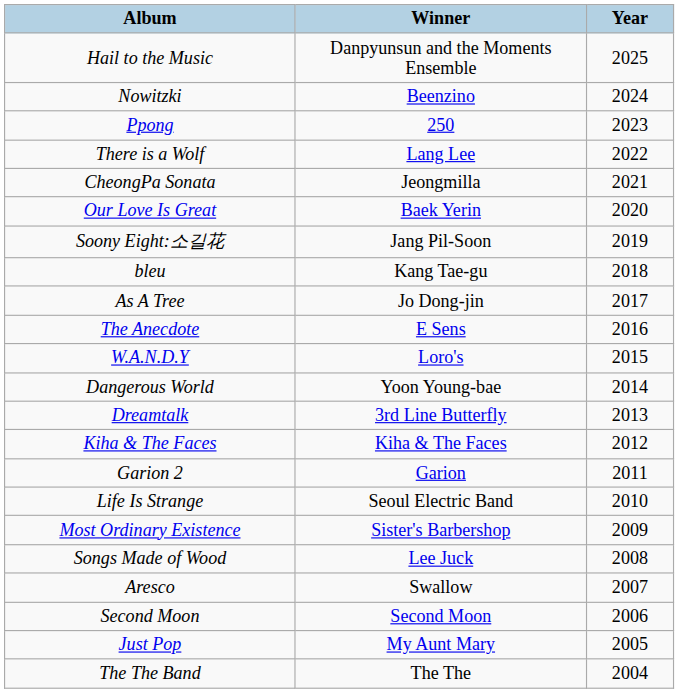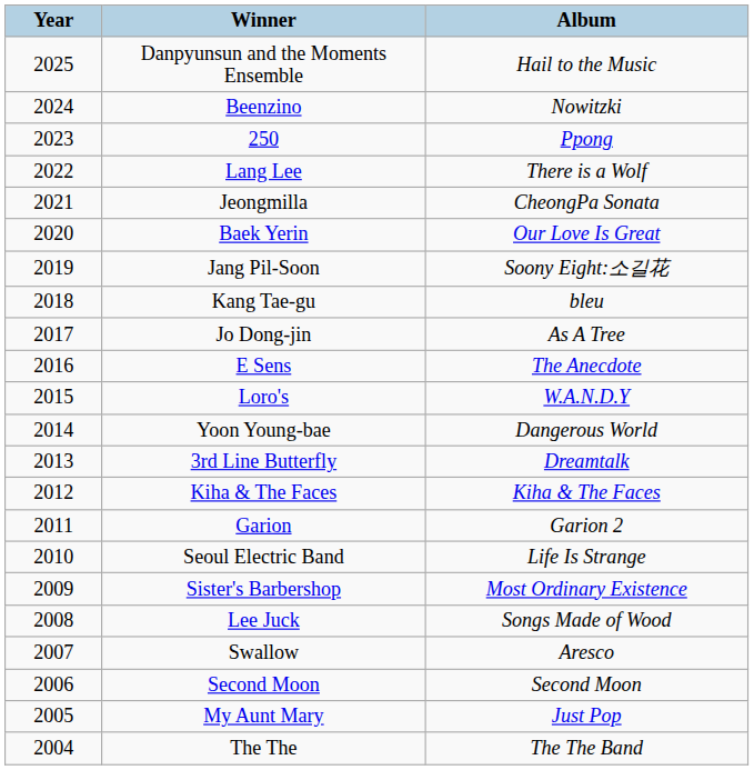 <table class="wikitable" style="text-align: center">
 <tr>
+<th width="70" style="background:#b3d1e3;">Year</th>
+<th width="250" style="background:#b3d1e3;">Winner</th>
 <th width="250" style="background:#b3d1e3;">Album</th>
-<th width="250" style="background:#b3d1e3;">Winner</th>
-<th width="70" style="background:#b3d1e3;">Year</th>
 </tr>
 <tr>
+<td>2025</td>
+<td>Danpyunsun and the Moments Ensemble</td>
 <td><em>Hail to the Music</em></td>
-<td>Danpyunsun and the Moments Ensemble</td>
-<td>2025</td>
 </tr>
 <tr>
+<td>2024</td>
+<td><a href='#'>Beenzino</a></td>
 <td><em>Nowitzki</em></td>
-<td><a href='#'>Beenzino</a></td>
-<td>2024</td>
 </tr>
 <tr>
+<td>2023</td>
+<td><a href='#'>250</a></td>
 <td><em><a href='#'>Ppong</a></em></td>
-<td><a href='#'>250</a></td>
-<td>2023</td>
 </tr>
 <tr>
+<td>2022</td>
+<td><a href='#'>Lang Lee</a></td>
 <td><em>There is a Wolf</em></td>
-<td><a href='#'>Lang Lee</a></td>
-<td>2022</td>
 </tr>
 <tr>
+<td>2021</td>
+<td>Jeongmilla</td>
 <td><em>CheongPa Sonata</em></td>
-<td>Jeongmilla</td>
-<td>2021</td>
 </tr>
 <tr>
+<td>2020</td>
+<td><a href='#'>Baek Yerin</a></td>
 <td><em><a href='#'>Our Love Is Great</a></em></td>
-<td><a href='#'>Baek Yerin</a></td>
-<td>2020</td>
 </tr>
 <tr>
+<td>2019</td>
+<td>Jang Pil-Soon</td>
 <td><em>Soony Eight:소길花</em></td>
-<td>Jang Pil-Soon</td>
-<td>2019</td>
 </tr>
 <tr>
+<td>2018</td>
+<td>Kang Tae-gu</td>
 <td><em>bleu</em></td>
-<td>Kang Tae-gu</td>
-<td>2018</td>
 </tr>
 <tr>
+<td>2017</td>
+<td>Jo Dong-jin</td>
 <td><em>As A Tree</em></td>
-<td>Jo Dong-jin</td>
-<td>2017</td>
 </tr>
 <tr>
+<td>2016</td>
+<td><a href='#'>E Sens</a></td>
 <td><em><a href='#'>The Anecdote</a></em></td>
-<td><a href='#'>E Sens</a></td>
-<td>2016</td>
 </tr>
 <tr>
+<td>2015</td>
+<td><a href='#'>Loro's</a></td>
 <td><em><a href='#'>W.A.N.D.Y</a></em></td>
-<td><a href='#'>Loro's</a></td>
-<td>2015</td>
 </tr>
 <tr>
+<td>2014</td>
+<td>Yoon Young-bae</td>
 <td><em>Dangerous World </em></td>
-<td>Yoon Young-bae</td>
-<td>2014</td>
 </tr>
 <tr>
+<td>2013</td>
+<td><a href='#'>3rd Line Butterfly</a></td>
 <td><em><a href='#'>Dreamtalk</a></em></td>
-<td><a href='#'>3rd Line Butterfly</a></td>
-<td>2013</td>
 </tr>
 <tr>
+<td>2012</td>
+<td><a href='#'>Kiha & The Faces</a></td>
 <td><em><a href='#'>Kiha & The Faces</a></em></td>
-<td><a href='#'>Kiha & The Faces</a></td>
-<td>2012</td>
 </tr>
 <tr>
+<td>2011</td>
+<td><a href='#'>Garion</a></td>
 <td><em>Garion 2</em></td>
-<td><a href='#'>Garion</a></td>
-<td>2011</td>
 </tr>
 <tr>
+<td>2010</td>
+<td>Seoul Electric Band</td>
 <td><em>Life Is Strange</em></td>
-<td>Seoul Electric Band</td>
-<td>2010</td>
 </tr>
 <tr>
+<td>2009</td>
+<td><a href='#'>Sister's Barbershop</a></td>
 <td><em><a href='#'>Most Ordinary Existence</a></em></td>
-<td><a href='#'>Sister's Barbershop</a></td>
-<td>2009</td>
 </tr>
 <tr>
+<td>2008</td>
+<td><a href='#'>Lee Juck</a></td>
 <td><em>Songs Made of Wood</em></td>
-<td><a href='#'>Lee Juck</a></td>
-<td>2008</td>
 </tr>
 <tr>
+<td>2007</td>
+<td>Swallow</td>
 <td><em>Aresco</em></td>
-<td>Swallow</td>
-<td>2007</td>
 </tr>
 <tr>
+<td>2006</td>
+<td><a href='#'>Second Moon</a></td>
 <td><em>Second Moon</em></td>
-<td><a href='#'>Second Moon</a></td>
-<td>2006</td>
 </tr>
 <tr>
+<td>2005</td>
+<td><a href='#'>My Aunt Mary</a></td>
 <td><em><a href='#'>Just Pop</a></em></td>
-<td><a href='#'>My Aunt Mary</a></td>
-<td>2005</td>
 </tr>
 <tr>
+<td>2004</td>
+<td>The The</td>
 <td><em>The The Band</em></td>
-<td>The The</td>
-<td>2004</td>
 </tr>
 </table>
